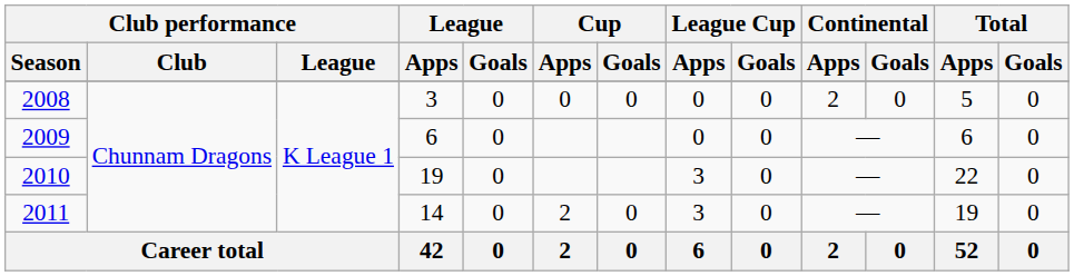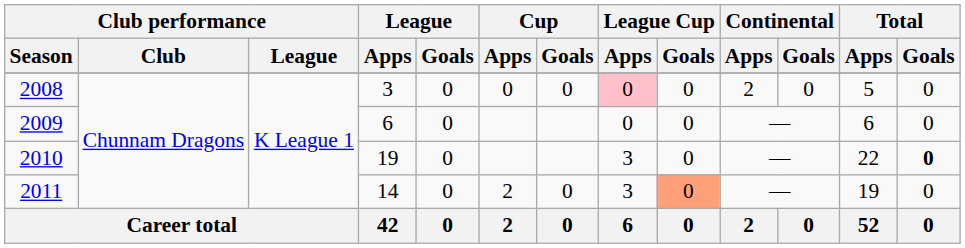 <table class="wikitable" style="text-align:center">
 <tr>
 <th colspan=3>Club performance</th>
 <th colspan=2>League</th>
 <th colspan=2>Cup</th>
 <th colspan=2>League Cup</th>
 <th colspan=2>Continental</th>
 <th colspan=2>Total</th>
 </tr>
 <tr>
 <th>Season</th>
 <th>Club</th>
 <th>League</th>
 <th>Apps</th>
 <th>Goals</th>
 <th>Apps</th>
 <th>Goals</th>
 <th>Apps</th>
 <th>Goals</th>
 <th>Apps</th>
 <th>Goals</th>
 <th>Apps</th>
 <th>Goals</th>
 </tr>
 <tr>
 </tr>
 <tr>
 <td><a href='#'>2008</a></td>
 <td rowspan="4"><a href='#'>Chunnam Dragons</a></td>
 <td rowspan="4"><a href='#'>K League 1</a></td>
 <td>3</td>
 <td>0</td>
 <td>0</td>
 <td>0</td>
-<td>0</td>
+<td style="background: pink;">0</td>
 <td>0</td>
 <td>2</td>
 <td>0</td>
 <td>5</td>
 <td>0</td>
 </tr>
 <tr>
 <td><a href='#'>2009</a></td>
 <td>6</td>
 <td>0</td>
 <td></td>
 <td></td>
 <td>0</td>
 <td>0</td>
 <td colspan="2">—</td>
 <td>6</td>
 <td>0</td>
 </tr>
 <tr>
 <td><a href='#'>2010</a></td>
 <td>19</td>
 <td>0</td>
 <td></td>
 <td></td>
 <td>3</td>
 <td>0</td>
 <td colspan="2">—</td>
 <td>22</td>
-<td>0</td>
+<td><strong>0</strong></td>
 </tr>
 <tr>
 <td><a href='#'>2011</a></td>
 <td>14</td>
 <td>0</td>
 <td>2</td>
 <td>0</td>
 <td>3</td>
-<td>0</td>
+<td style="background: lightsalmon;">0</td>
 <td colspan="2">—</td>
 <td>19</td>
 <td>0</td>
 </tr>
 <tr>
 <th colspan=3>Career total</th>
 <th>42</th>
 <th>0</th>
 <th>2</th>
 <th>0</th>
 <th>6</th>
 <th>0</th>
 <th>2</th>
 <th>0</th>
 <th>52</th>
 <th>0</th>
 </tr>
 </table>
